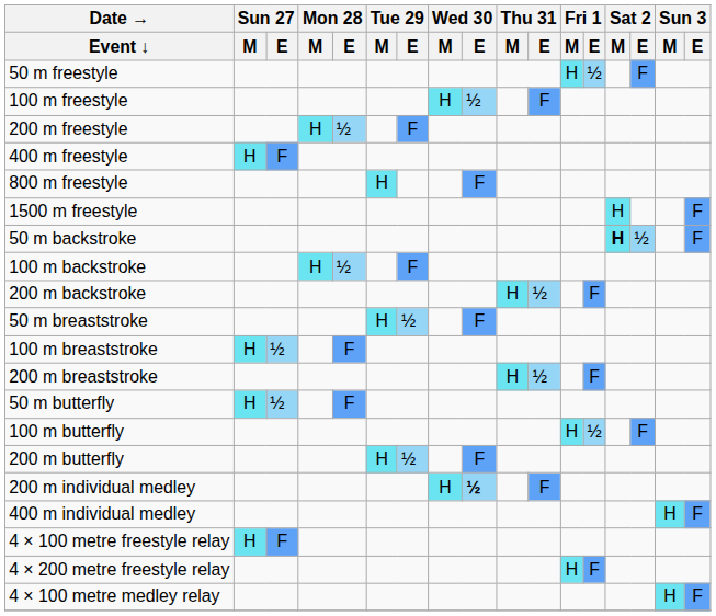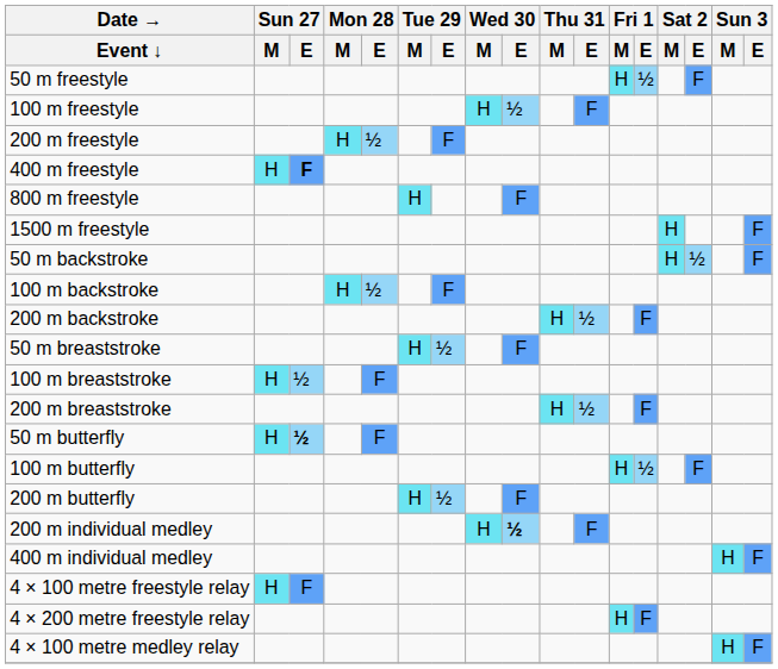 <table class="wikitable">
 <tr style="text-align:center;">
 <th>Date →</th>
 <th colspan="2">Sun 27</th>
 <th colspan="2">Mon 28</th>
 <th colspan="2">Tue 29</th>
 <th colspan="2">Wed 30</th>
 <th colspan="2">Thu 31</th>
 <th colspan="2">Fri 1</th>
 <th colspan="2">Sat 2</th>
 <th colspan="2">Sun 3</th>
 </tr>
 <tr>
 <th>Event ↓</th>
 <th>M</th>
 <th>E</th>
 <th>M</th>
 <th>E</th>
 <th>M</th>
 <th>E</th>
 <th>M</th>
 <th>E</th>
 <th>M</th>
 <th>E</th>
 <th>M</th>
 <th>E</th>
 <th>M</th>
 <th>E</th>
 <th>M</th>
 <th>E</th>
 </tr>
 <tr>
 <td class=event>50 m freestyle</td>
 <td colspan=2></td>
 <td colspan=2></td>
 <td colspan=2></td>
 <td colspan=2></td>
 <td colspan=2></td>
 <td style="background-color:#6be4f2; text-align:center;">H</td>
 <td style="background-color:#95d6f7;">½</td>
 <td></td>
 <td style="background-color:#5ea2f7; text-align:center;">F</td>
 <td colspan=2></td>
 </tr>
 <tr>
 <td class=event>100 m freestyle</td>
 <td colspan=2></td>
 <td colspan=2></td>
 <td colspan=2></td>
 <td style="background-color:#6be4f2; text-align:center;">H</td>
 <td style="background-color:#95d6f7;">½</td>
 <td></td>
 <td style="background-color:#5ea2f7; text-align:center;">F</td>
 <td colspan=2></td>
 <td colspan=2></td>
 <td colspan=2></td>
 </tr>
 <tr>
 <td class=event>200 m freestyle</td>
 <td colspan=2></td>
 <td style="background-color:#6be4f2; text-align:center;">H</td>
 <td style="background-color:#95d6f7;">½</td>
 <td></td>
 <td style="background-color:#5ea2f7; text-align:center;">F</td>
 <td colspan=2></td>
 <td colspan=2></td>
 <td colspan=2></td>
 <td colspan=2></td>
 <td colspan=2></td>
 </tr>
 <tr>
 <td class=event>400 m freestyle</td>
 <td style="background-color:#6be4f2; text-align:center;">H</td>
-<td style="background-color:#5ea2f7; text-align:center;">F</td>
+<td style="background-color:#5ea2f7; text-align:center;"><strong>F</strong></td>
 <td colspan=2></td>
 <td colspan=2></td>
 <td colspan=2></td>
 <td colspan=2></td>
 <td colspan=2></td>
 <td colspan=2></td>
 <td colspan=2></td>
 </tr>
 <tr>
 <td class=event>800 m freestyle</td>
 <td colspan=2></td>
 <td colspan=2></td>
 <td style="background-color:#6be4f2; text-align:center;">H</td>
 <td></td>
 <td></td>
 <td style="background-color:#5ea2f7; text-align:center;">F</td>
 <td colspan=2></td>
 <td colspan=2></td>
 <td colspan=2></td>
 <td colspan=2></td>
 </tr>
 <tr>
 <td class=event>1500 m freestyle</td>
 <td colspan=2></td>
 <td colspan=2></td>
 <td colspan=2></td>
 <td colspan=2></td>
 <td colspan=2></td>
 <td colspan=2></td>
 <td style="background-color:#6be4f2; text-align:center;">H</td>
 <td></td>
 <td></td>
 <td style="background-color:#5ea2f7; text-align:center;">F</td>
 </tr>
 <tr>
 <td class=event>50 m backstroke</td>
 <td colspan=2></td>
 <td colspan=2></td>
 <td colspan=2></td>
 <td colspan=2></td>
 <td colspan=2></td>
 <td colspan=2></td>
-<td style="background-color:#6be4f2; text-align:center;"><strong>H</strong></td>
+<td style="background-color:#6be4f2; text-align:center;">H</td>
 <td style="background-color:#95d6f7;">½</td>
 <td></td>
 <td style="background-color:#5ea2f7; text-align:center;">F</td>
 </tr>
 <tr>
 <td class=event>100 m backstroke</td>
 <td colspan=2></td>
 <td style="background-color:#6be4f2; text-align:center;">H</td>
 <td style="background-color:#95d6f7;">½</td>
 <td></td>
 <td style="background-color:#5ea2f7; text-align:center;">F</td>
 <td colspan=2></td>
 <td colspan=2></td>
 <td colspan=2></td>
 <td colspan=2></td>
 <td colspan=2></td>
 </tr>
 <tr>
 <td class=event>200 m backstroke</td>
 <td colspan=2></td>
 <td colspan=2></td>
 <td colspan=2></td>
 <td colspan=2></td>
 <td style="background-color:#6be4f2; text-align:center;">H</td>
 <td style="background-color:#95d6f7;">½</td>
 <td></td>
 <td style="background-color:#5ea2f7; text-align:center;">F</td>
 <td colspan=2></td>
 <td colspan=2></td>
 </tr>
 <tr>
 <td class=event>50 m breaststroke</td>
 <td colspan=2></td>
 <td colspan=2></td>
 <td style="background-color:#6be4f2; text-align:center;">H</td>
 <td style="background-color:#95d6f7;">½</td>
 <td></td>
 <td style="background-color:#5ea2f7; text-align:center;">F</td>
 <td colspan=2></td>
 <td colspan=2></td>
 <td colspan=2></td>
 <td colspan=2></td>
 </tr>
 <tr>
 <td class=event>100 m breaststroke</td>
 <td style="background-color:#6be4f2; text-align:center;">H</td>
 <td style="background-color:#95d6f7;">½</td>
 <td></td>
 <td style="background-color:#5ea2f7; text-align:center;">F</td>
 <td colspan=2></td>
 <td colspan=2></td>
 <td colspan=2></td>
 <td colspan=2></td>
 <td colspan=2></td>
 <td colspan=2></td>
 </tr>
 <tr>
 <td class=event>200 m breaststroke</td>
 <td colspan=2></td>
 <td colspan=2></td>
 <td colspan=2></td>
 <td colspan=2></td>
 <td style="background-color:#6be4f2; text-align:center;">H</td>
 <td style="background-color:#95d6f7;">½</td>
 <td></td>
 <td style="background-color:#5ea2f7; text-align:center;">F</td>
 <td colspan=2></td>
 <td colspan=2></td>
 </tr>
 <tr>
 <td class=event>50 m butterfly</td>
 <td style="background-color:#6be4f2; text-align:center;">H</td>
-<td style="background-color:#95d6f7;">½</td>
+<td style="background-color:#95d6f7;"><strong>½</strong></td>
 <td></td>
 <td style="background-color:#5ea2f7; text-align:center;">F</td>
 <td colspan=2></td>
 <td colspan=2></td>
 <td colspan=2></td>
 <td colspan=2></td>
 <td colspan=2></td>
 <td colspan=2></td>
 </tr>
 <tr>
 <td class=event>100 m butterfly</td>
 <td colspan=2></td>
 <td colspan=2></td>
 <td colspan=2></td>
 <td colspan=2></td>
 <td colspan=2></td>
 <td style="background-color:#6be4f2; text-align:center;">H</td>
 <td style="background-color:#95d6f7;">½</td>
 <td></td>
 <td style="background-color:#5ea2f7; text-align:center;">F</td>
 <td colspan=2></td>
 </tr>
 <tr>
 <td class=event>200 m butterfly</td>
 <td colspan=2></td>
 <td colspan=2></td>
 <td style="background-color:#6be4f2; text-align:center;">H</td>
 <td style="background-color:#95d6f7;">½</td>
 <td></td>
 <td style="background-color:#5ea2f7; text-align:center;">F</td>
 <td colspan=2></td>
 <td colspan=2></td>
 <td colspan=2></td>
 <td colspan=2></td>
 </tr>
 <tr>
 <td class=event>200 m individual medley</td>
 <td colspan=2></td>
 <td colspan=2></td>
 <td colspan=2></td>
 <td style="background-color:#6be4f2; text-align:center;">H</td>
 <td style="background-color:#95d6f7;"><strong>½</strong></td>
 <td></td>
 <td style="background-color:#5ea2f7; text-align:center;">F</td>
 <td colspan=2></td>
 <td colspan=2></td>
 <td colspan=2></td>
 </tr>
 <tr>
 <td class=event>400 m individual medley</td>
 <td colspan=2></td>
 <td colspan=2></td>
 <td colspan=2></td>
 <td colspan=2></td>
 <td colspan=2></td>
 <td colspan=2></td>
 <td colspan=2></td>
 <td style="background-color:#6be4f2; text-align:center;">H</td>
 <td style="background-color:#5ea2f7; text-align:center;">F</td>
 </tr>
 <tr>
 <td class=event>4 × 100 metre freestyle relay</td>
 <td style="background-color:#6be4f2; text-align:center;">H</td>
 <td style="background-color:#5ea2f7; text-align:center;">F</td>
 <td colspan=2></td>
 <td colspan=2></td>
 <td colspan=2></td>
 <td colspan=2></td>
 <td colspan=2></td>
 <td colspan=2></td>
 <td colspan=2></td>
 </tr>
 <tr>
 <td class=event>4 × 200 metre freestyle relay</td>
 <td colspan=2></td>
 <td colspan=2></td>
 <td colspan=2></td>
 <td colspan=2></td>
 <td colspan=2></td>
 <td style="background-color:#6be4f2; text-align:center;">H</td>
 <td style="background-color:#5ea2f7; text-align:center;">F</td>
 <td colspan=2></td>
 <td colspan=2></td>
 </tr>
 <tr>
 <td class=event>4 × 100 metre medley relay</td>
 <td colspan=2></td>
 <td colspan=2></td>
 <td colspan=2></td>
 <td colspan=2></td>
 <td colspan=2></td>
 <td colspan=2></td>
 <td colspan=2></td>
 <td style="background-color:#6be4f2; text-align:center;">H</td>
 <td style="background-color:#5ea2f7; text-align:center;">F</td>
 </tr>
 <tr>
 </tr>
 </table>
